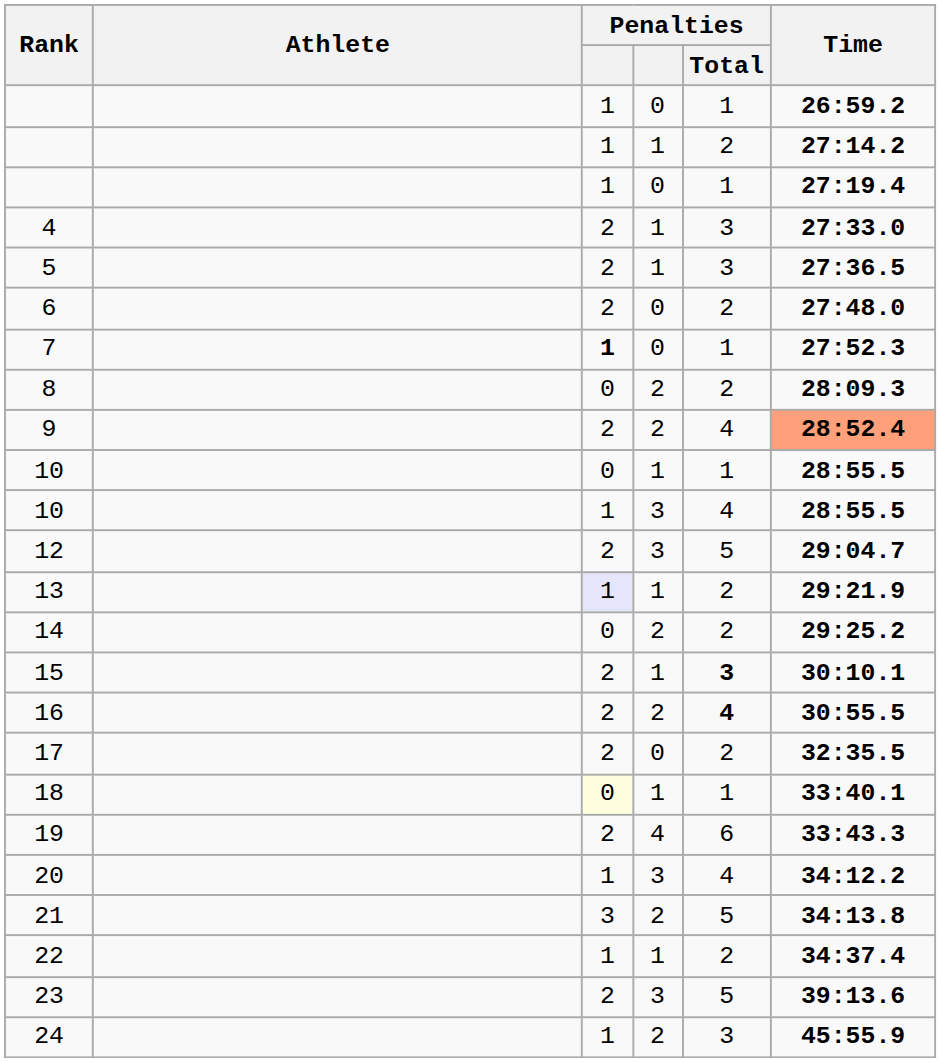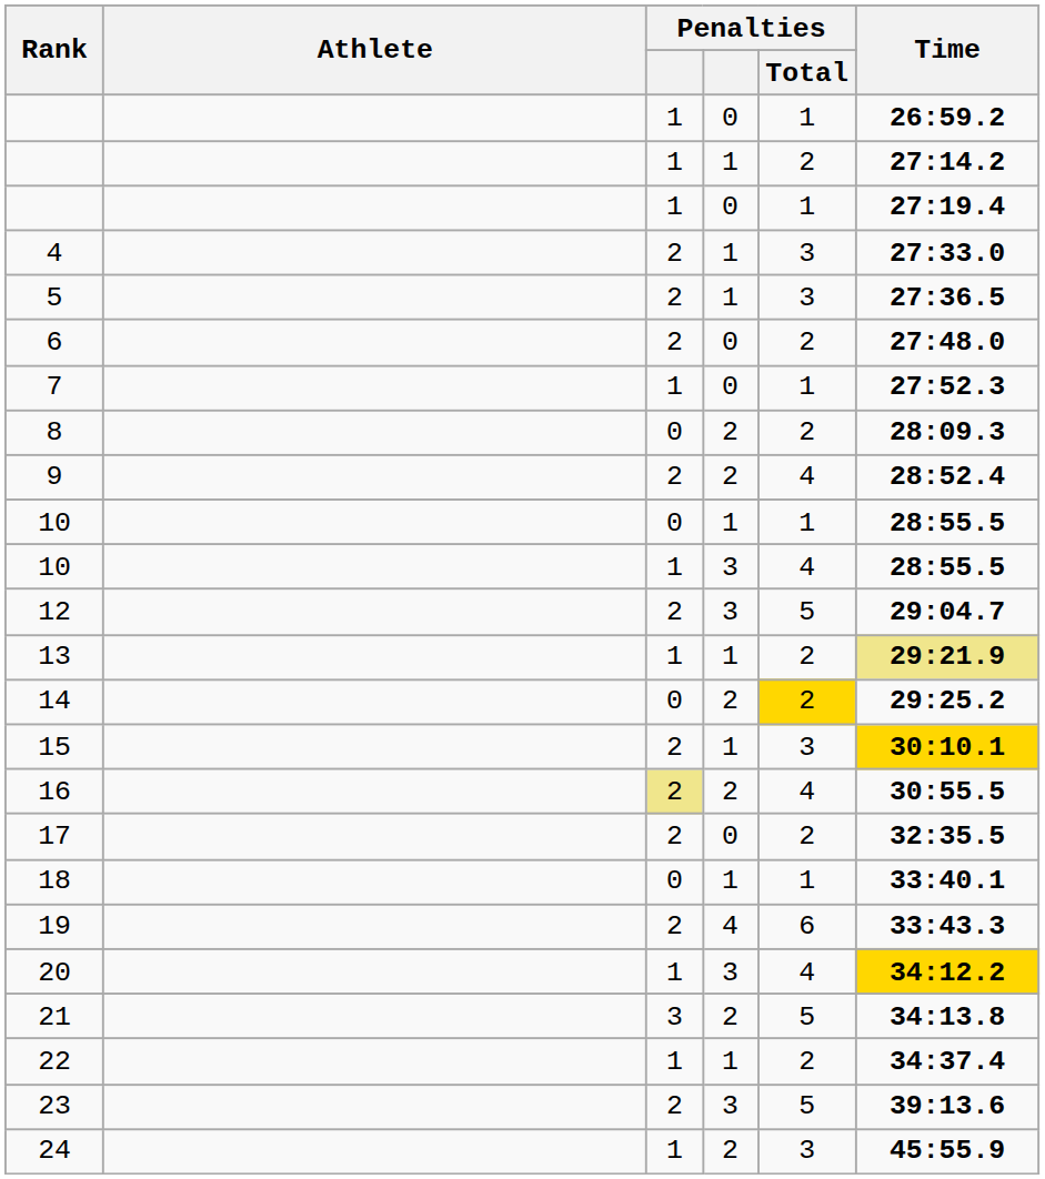 <table class=wikitable style="text-align:center">
 <tr>
 <th rowspan=2 width=40>Rank</th>
 <th rowspan=2 width=250>Athlete</th>
 <th colspan=3>Penalties</th>
 <th rowspan=2 width=80>Time</th>
 </tr>
 <tr>
 <th width=20></th>
 <th width=20></th>
 <th width=40>Total</th>
 </tr>
 <tr>
 <td></td>
 <td align=left></td>
 <td>1</td>
 <td>0</td>
 <td>1</td>
 <td><strong>26:59.2</strong></td>
 </tr>
 <tr>
 <td></td>
 <td align=left></td>
 <td>1</td>
 <td>1</td>
 <td>2</td>
 <td><strong>27:14.2</strong></td>
 </tr>
 <tr>
 <td></td>
 <td align=left></td>
 <td>1</td>
 <td>0</td>
 <td>1</td>
 <td><strong>27:19.4</strong></td>
 </tr>
 <tr>
 <td>4</td>
 <td align=left></td>
 <td>2</td>
 <td>1</td>
 <td>3</td>
 <td><strong>27:33.0</strong></td>
 </tr>
 <tr>
 <td>5</td>
 <td align=left></td>
 <td>2</td>
 <td>1</td>
 <td>3</td>
 <td><strong>27:36.5</strong></td>
 </tr>
 <tr>
 <td>6</td>
 <td align=left></td>
 <td>2</td>
 <td>0</td>
 <td>2</td>
 <td><strong>27:48.0</strong></td>
 </tr>
 <tr>
 <td>7</td>
 <td align=left></td>
-<td><strong>1</strong></td>
+<td>1</td>
 <td>0</td>
 <td>1</td>
 <td><strong>27:52.3</strong></td>
 </tr>
 <tr>
 <td>8</td>
 <td align=left></td>
 <td>0</td>
 <td>2</td>
 <td>2</td>
 <td><strong>28:09.3</strong></td>
 </tr>
 <tr>
 <td>9</td>
 <td align=left></td>
 <td>2</td>
 <td>2</td>
 <td>4</td>
-<td style="background: lightsalmon;"><strong>28:52.4</strong></td>
+<td><strong>28:52.4</strong></td>
 </tr>
 <tr>
 <td>10</td>
 <td align=left></td>
 <td>0</td>
 <td>1</td>
 <td>1</td>
 <td><strong>28:55.5</strong></td>
 </tr>
 <tr>
 <td>10</td>
 <td align=left></td>
 <td>1</td>
 <td>3</td>
 <td>4</td>
 <td><strong>28:55.5</strong></td>
 </tr>
 <tr>
 <td>12</td>
 <td align=left></td>
 <td>2</td>
 <td>3</td>
 <td>5</td>
 <td><strong>29:04.7</strong></td>
 </tr>
 <tr>
 <td>13</td>
 <td align=left></td>
-<td style="background: lavender;">1</td>
+<td>1</td>
 <td>1</td>
 <td>2</td>
-<td><strong>29:21.9</strong></td>
+<td style="background: khaki;"><strong>29:21.9</strong></td>
 </tr>
 <tr>
 <td>14</td>
 <td align=left></td>
 <td>0</td>
 <td>2</td>
-<td>2</td>
+<td style="background: gold;">2</td>
 <td><strong>29:25.2</strong></td>
 </tr>
 <tr>
 <td>15</td>
 <td align=left></td>
 <td>2</td>
 <td>1</td>
-<td><strong>3</strong></td>
-<td><strong>30:10.1</strong></td>
+<td>3</td>
+<td style="background: gold;"><strong>30:10.1</strong></td>
 </tr>
 <tr>
 <td>16</td>
 <td align=left></td>
+<td style="background: khaki;">2</td>
 <td>2</td>
-<td>2</td>
-<td><strong>4</strong></td>
+<td>4</td>
 <td><strong>30:55.5</strong></td>
 </tr>
 <tr>
 <td>17</td>
 <td align=left></td>
 <td>2</td>
 <td>0</td>
 <td>2</td>
 <td><strong>32:35.5</strong></td>
 </tr>
 <tr>
 <td>18</td>
 <td align=left></td>
-<td style="background: lightyellow;">0</td>
+<td>0</td>
 <td>1</td>
 <td>1</td>
 <td><strong>33:40.1</strong></td>
 </tr>
 <tr>
 <td>19</td>
 <td align=left></td>
 <td>2</td>
 <td>4</td>
 <td>6</td>
 <td><strong>33:43.3</strong></td>
 </tr>
 <tr>
 <td>20</td>
 <td align=left></td>
 <td>1</td>
 <td>3</td>
 <td>4</td>
-<td><strong>34:12.2</strong></td>
+<td style="background: gold;"><strong>34:12.2</strong></td>
 </tr>
 <tr>
 <td>21</td>
 <td align=left></td>
 <td>3</td>
 <td>2</td>
 <td>5</td>
 <td><strong>34:13.8</strong></td>
 </tr>
 <tr>
 <td>22</td>
 <td align=left></td>
 <td>1</td>
 <td>1</td>
 <td>2</td>
 <td><strong>34:37.4</strong></td>
 </tr>
 <tr>
 <td>23</td>
 <td align=left></td>
 <td>2</td>
 <td>3</td>
 <td>5</td>
 <td><strong>39:13.6</strong></td>
 </tr>
 <tr>
 <td>24</td>
 <td align=left></td>
 <td>1</td>
 <td>2</td>
 <td>3</td>
 <td><strong>45:55.9</strong></td>
 </tr>
 </table>
